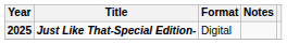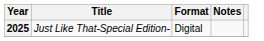 <table class="wikitable">
 <tr>
 <th>Year</th>
 <th>Title</th>
 <th>Format</th>
 <th>Notes</th>
 <th></th>
 </tr>
 <tr>
 <th>2025</th>
-<td><strong><em>Just Like That-Special Edition-</em></strong></td>
+<td><em>Just Like That-Special Edition-</em></td>
 <td>Digital</td>
 <td></td>
 <td></td>
 </tr>
 <tr>
 </tr>
 </table>
